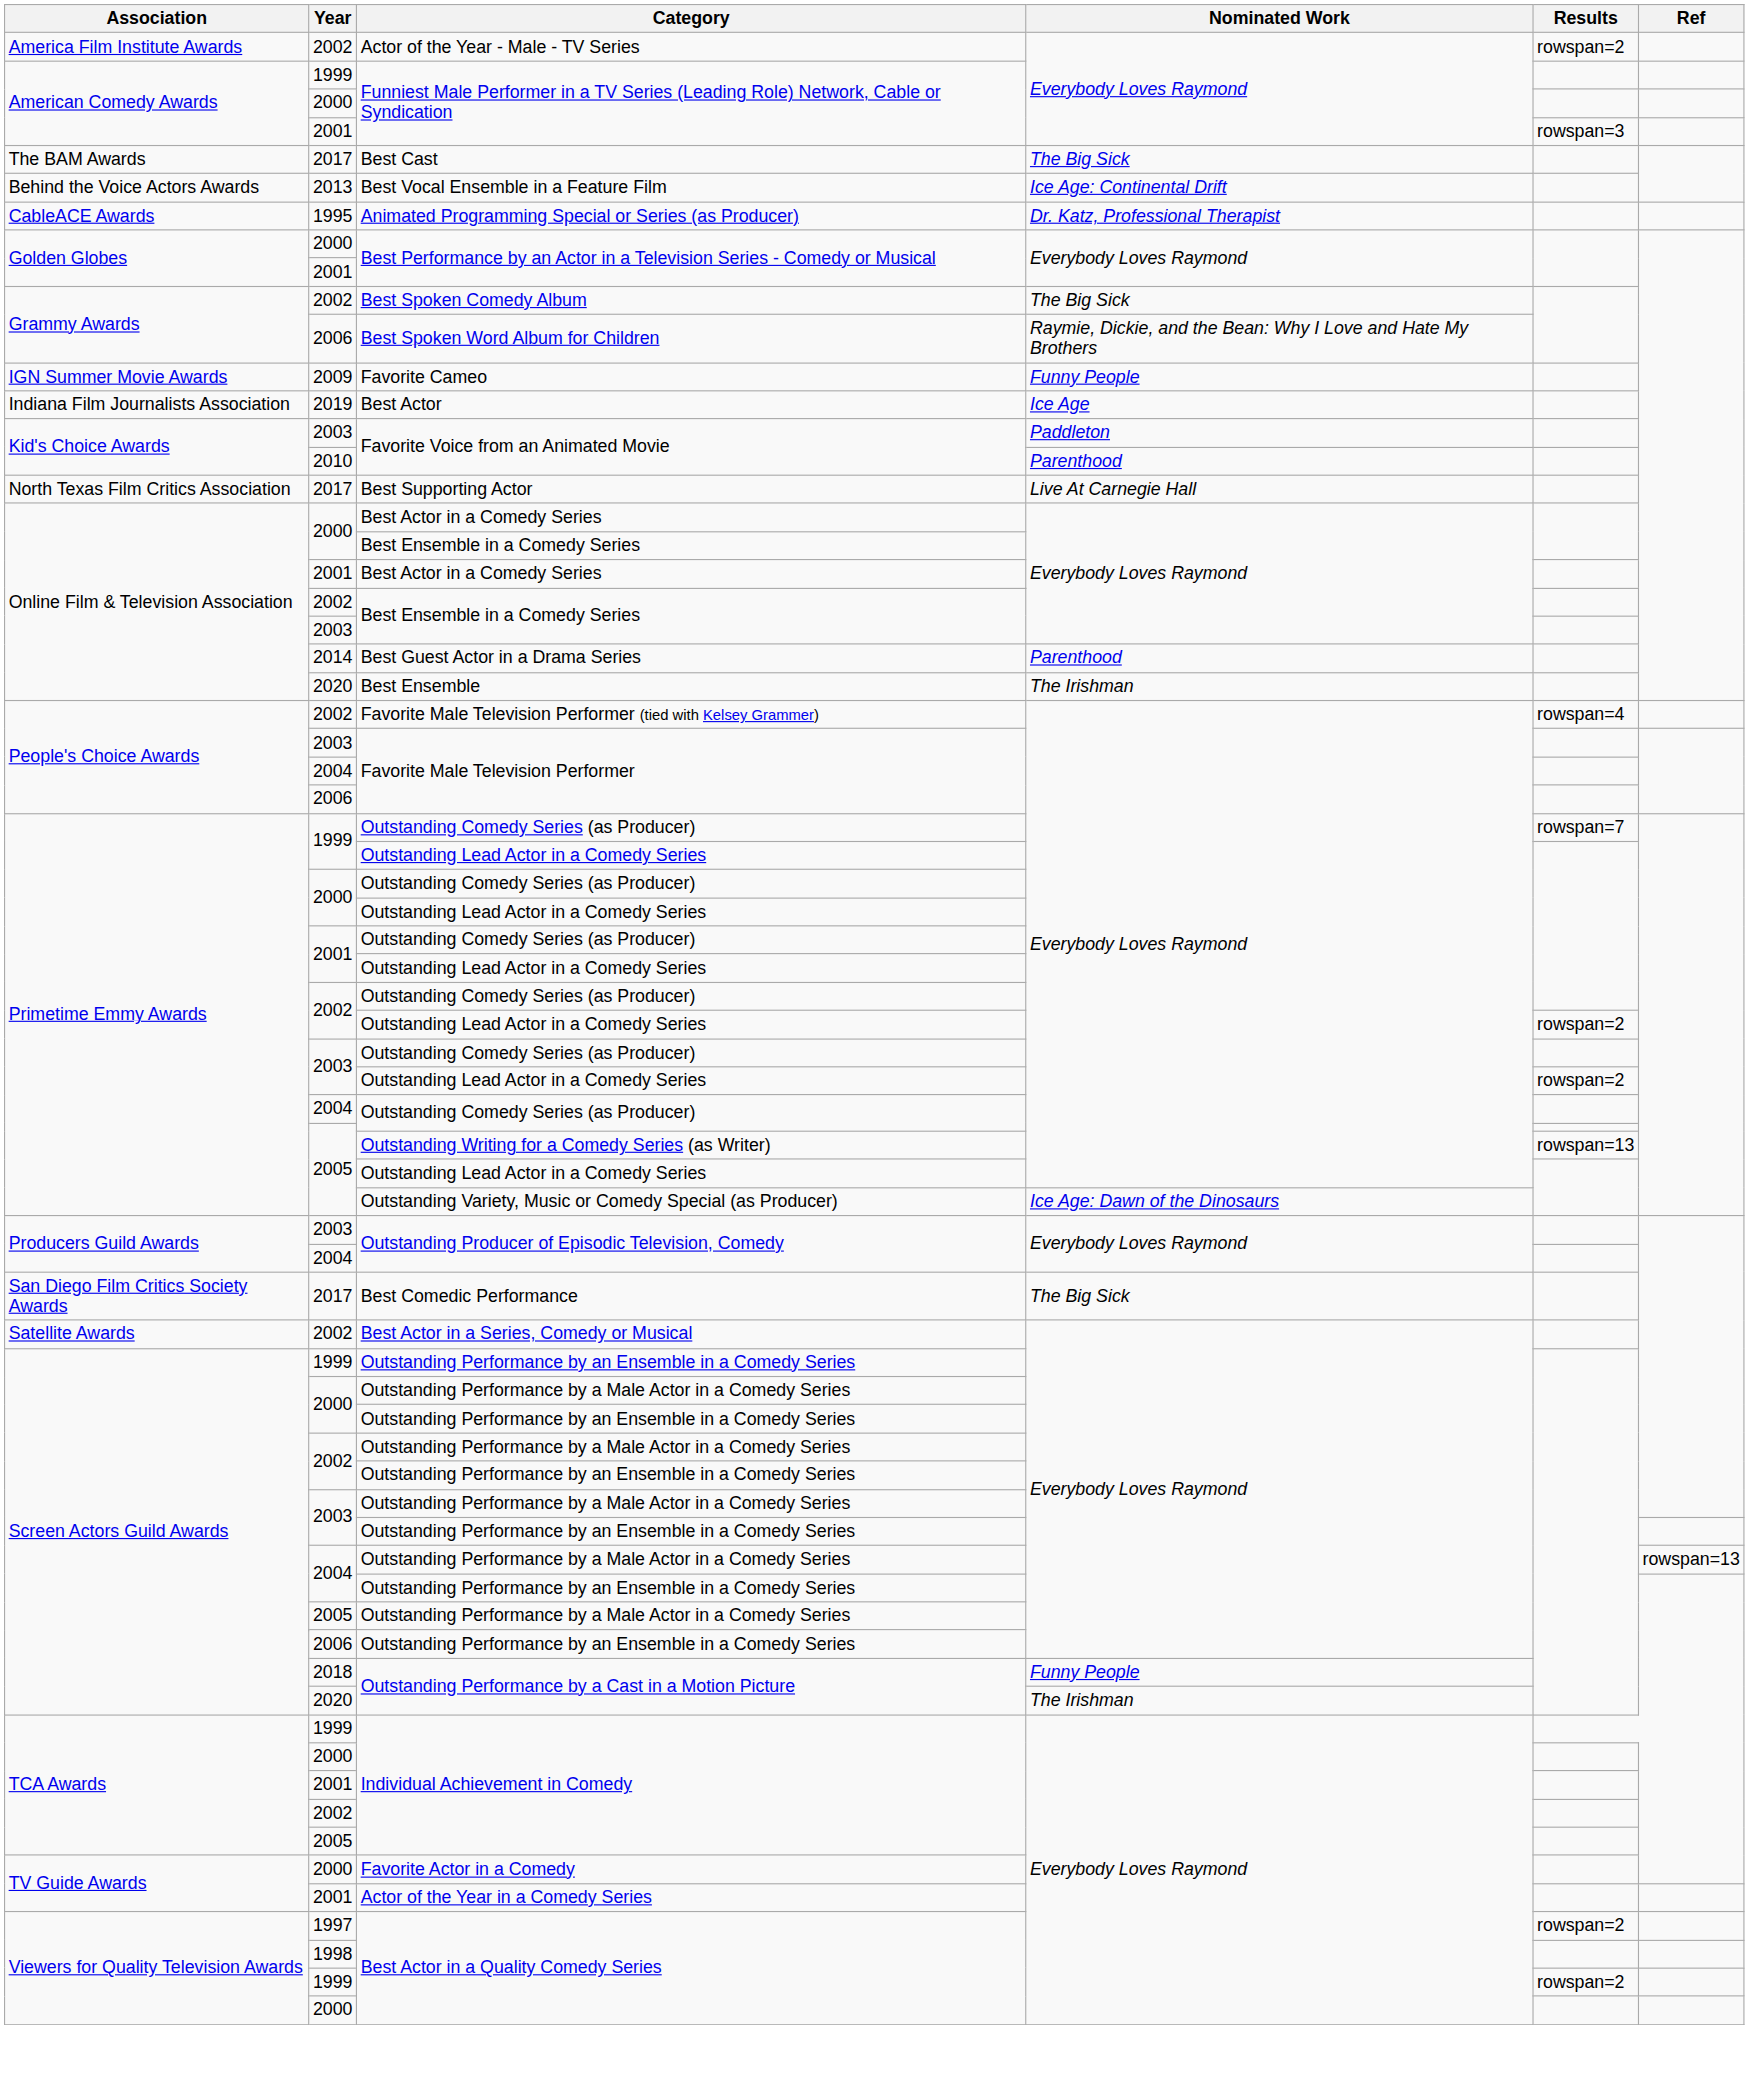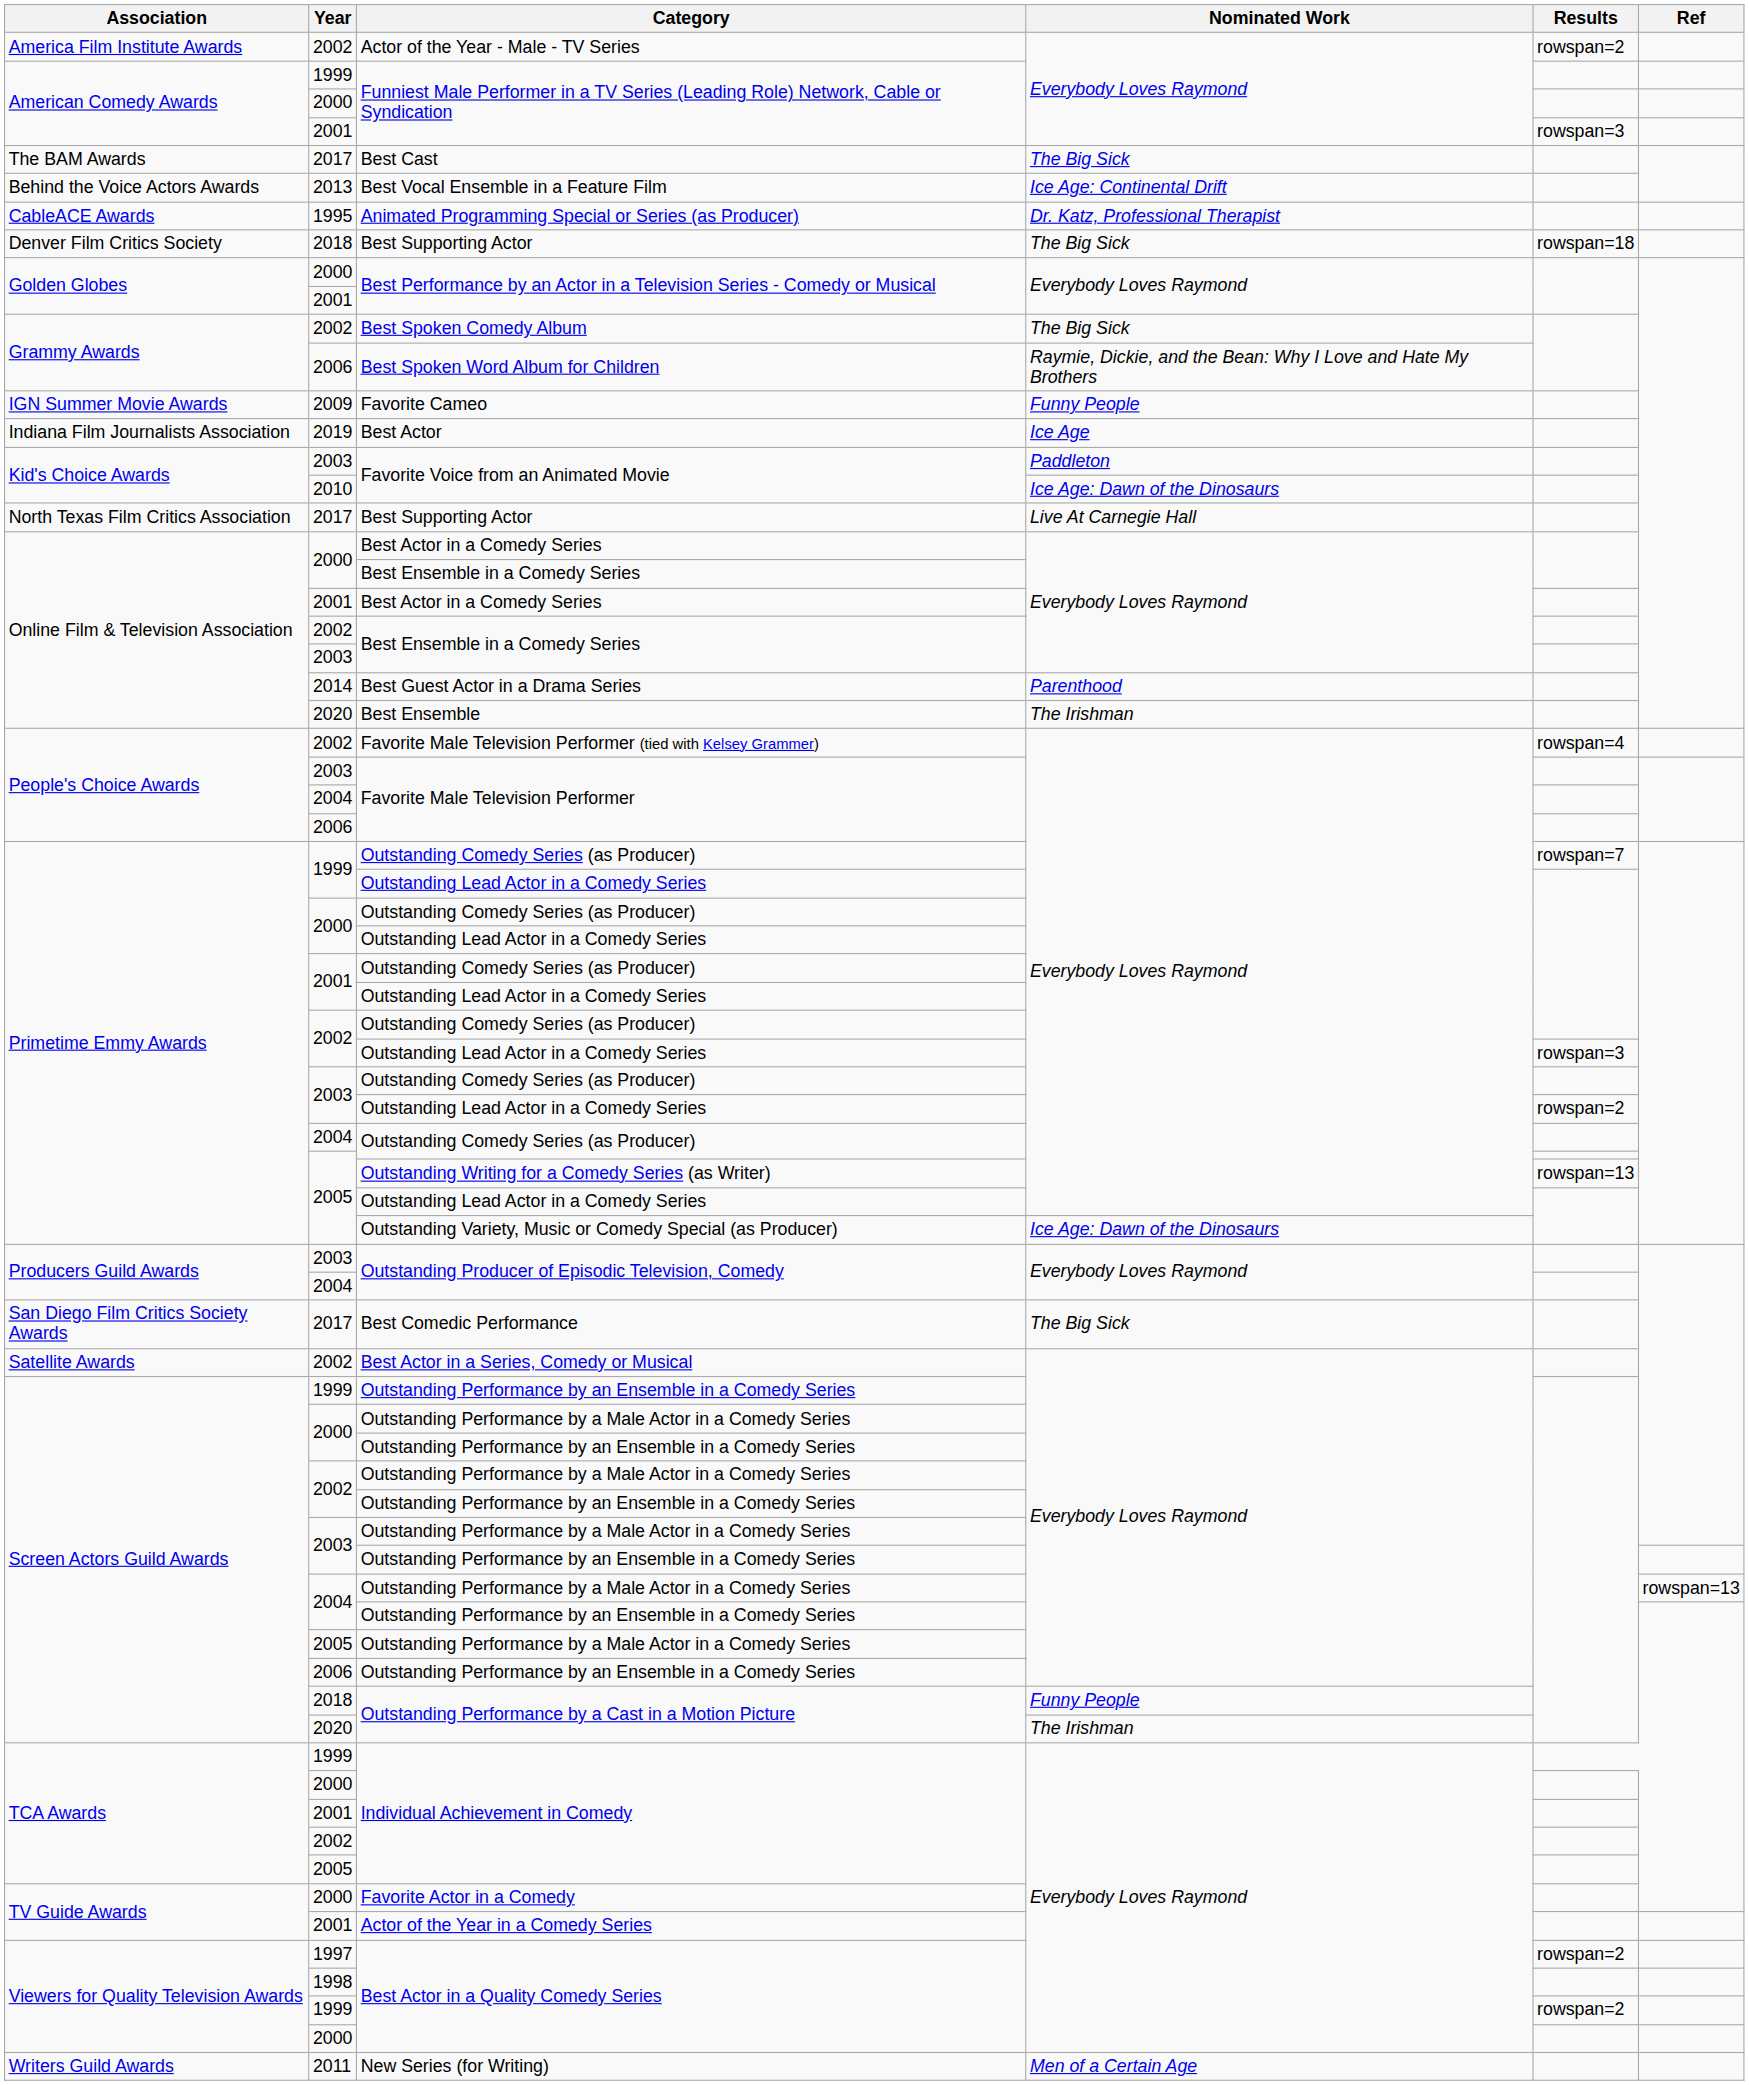 <table class="wikitable">
 <tr>
 <th>Association</th>
 <th>Year</th>
 <th>Category</th>
 <th>Nominated Work</th>
 <th>Results</th>
 <th>Ref</th>
 </tr>
 <tr>
 <td><a href='#'>America Film Institute Awards</a></td>
 <td>2002</td>
 <td>Actor of the Year - Male - TV Series</td>
 <td rowspan=4><em><a href='#'>Everybody Loves Raymond</a></em></td>
 <td>rowspan=2 </td>
 <td></td>
 </tr>
 <tr>
 <td rowspan=3><a href='#'>American Comedy Awards</a></td>
 <td>1999</td>
 <td rowspan=3><a href='#'>Funniest Male Performer in a TV Series (Leading Role) Network, Cable or Syndication</a></td>
 <td></td>
 </tr>
 <tr>
 <td>2000</td>
 <td></td>
 <td></td>
 </tr>
 <tr>
 <td>2001</td>
 <td>rowspan=3 </td>
 <td></td>
 </tr>
 <tr>
 <td>The BAM Awards</td>
 <td>2017</td>
 <td>Best Cast</td>
 <td><em><a href='#'>The Big Sick</a></em></td>
 <td></td>
 </tr>
 <tr>
 <td>Behind the Voice Actors Awards</td>
 <td>2013</td>
 <td>Best Vocal Ensemble in a Feature Film</td>
 <td><em><a href='#'>Ice Age: Continental Drift</a></em></td>
 <td></td>
 </tr>
 <tr>
 <td><a href='#'>CableACE Awards</a></td>
 <td>1995</td>
 <td><a href='#'>Animated Programming Special or Series (as Producer)</a></td>
 <td><em><a href='#'>Dr. Katz, Professional Therapist</a></em></td>
 <td></td>
 <td></td>
 </tr>
 <tr>
+<td>Denver Film Critics Society</td>
+<td>2018</td>
+<td>Best Supporting Actor</td>
+<td><em>The Big Sick</em></td>
+<td>rowspan=18 </td>
+<td></td>
+</tr>
+<tr>
 <td rowspan=2><a href='#'>Golden Globes</a></td>
 <td>2000</td>
 <td rowspan=2><a href='#'>Best Performance by an Actor in a Television Series - Comedy or Musical</a></td>
 <td rowspan=2><em>Everybody Loves Raymond</em></td>
 <td rowspan=2></td>
 </tr>
 <tr>
 <td>2001</td>
 </tr>
 <tr>
 <td rowspan=2><a href='#'>Grammy Awards</a></td>
 <td>2002</td>
 <td><a href='#'>Best Spoken Comedy Album</a></td>
 <td><em>The Big Sick</em></td>
 <td rowspan=2></td>
 </tr>
 <tr>
 <td>2006</td>
 <td><a href='#'>Best Spoken Word Album for Children</a></td>
 <td><em>Raymie, Dickie, and the Bean: Why I Love and Hate My Brothers</em></td>
 </tr>
 <tr>
 <td><a href='#'>IGN Summer Movie Awards</a></td>
 <td>2009</td>
 <td>Favorite Cameo</td>
 <td><em><a href='#'>Funny People</a></em></td>
 <td></td>
 </tr>
 <tr>
 <td>Indiana Film Journalists Association</td>
 <td>2019</td>
 <td>Best Actor</td>
 <td><em><a href='#'>Ice Age</a></em></td>
 <td></td>
 </tr>
 <tr>
 <td rowspan=2><a href='#'>Kid's Choice Awards</a></td>
 <td>2003</td>
 <td rowspan=2>Favorite Voice from an Animated Movie</td>
 <td><em><a href='#'>Paddleton</a></em></td>
 <td></td>
 </tr>
 <tr>
 <td>2010</td>
-<td><em><a href='#'>Parenthood</a></em></td>
+<td><em><a href='#'>Ice Age: Dawn of the Dinosaurs</a></em></td>
 <td></td>
 </tr>
 <tr>
 <td>North Texas Film Critics Association</td>
 <td>2017</td>
 <td>Best Supporting Actor</td>
 <td><em>Live At Carnegie Hall</em></td>
 <td></td>
 </tr>
 <tr>
 <td rowspan=8>Online Film & Television Association</td>
 <td rowspan=2>2000</td>
 <td>Best Actor in a Comedy Series</td>
 <td rowspan=6><em>Everybody Loves Raymond</em></td>
 <td rowspan=2></td>
 </tr>
 <tr>
 <td>Best Ensemble in a Comedy Series</td>
 </tr>
 <tr>
 <td rowspan=2>2001</td>
 <td>Best Actor in a Comedy Series</td>
 <td rowspan=2></td>
 </tr>
 <tr>
 <td rowspan=3>Best Ensemble in a Comedy Series</td>
 </tr>
 <tr>
 <td>2002</td>
 <td></td>
 </tr>
 <tr>
 <td>2003</td>
 <td></td>
 </tr>
 <tr>
 <td>2014</td>
 <td>Best Guest Actor in a Drama Series</td>
 <td><em><a href='#'>Parenthood</a></em></td>
 <td></td>
 </tr>
 <tr>
 <td>2020</td>
 <td>Best Ensemble</td>
 <td><em>The Irishman</em></td>
 <td></td>
 </tr>
 <tr>
 <td rowspan=4><a href='#'>People's Choice Awards</a></td>
 <td>2002</td>
 <td>Favorite Male Television Performer <small>(tied with <a href='#'>Kelsey Grammer</a>)</small></td>
 <td rowspan=18><em>Everybody Loves Raymond</em></td>
 <td>rowspan=4 </td>
 <td></td>
 </tr>
 <tr>
 <td>2003</td>
 <td rowspan=3>Favorite Male Television Performer</td>
 <td></td>
 </tr>
 <tr>
 <td>2004</td>
 <td></td>
 </tr>
 <tr>
 <td>2006</td>
 <td></td>
 </tr>
 <tr>
 <td rowspan=15><a href='#'>Primetime Emmy Awards</a></td>
 <td rowspan=2>1999</td>
 <td><a href='#'>Outstanding Comedy Series</a> (as Producer)</td>
 <td>rowspan=7 </td>
 <td rowspan=15></td>
 </tr>
 <tr>
 <td><a href='#'>Outstanding Lead Actor in a Comedy Series</a></td>
 </tr>
 <tr>
 <td rowspan=2>2000</td>
 <td>Outstanding Comedy Series (as Producer)</td>
 </tr>
 <tr>
 <td>Outstanding Lead Actor in a Comedy Series</td>
 </tr>
 <tr>
 <td rowspan=2>2001</td>
 <td>Outstanding Comedy Series (as Producer)</td>
 </tr>
 <tr>
 <td>Outstanding Lead Actor in a Comedy Series</td>
 </tr>
 <tr>
 <td rowspan=2>2002</td>
 <td>Outstanding Comedy Series (as Producer)</td>
 </tr>
 <tr>
 <td>Outstanding Lead Actor in a Comedy Series</td>
-<td>rowspan=2 </td>
+<td>rowspan=3 </td>
 </tr>
 <tr>
 <td rowspan=2>2003</td>
 <td>Outstanding Comedy Series (as Producer)</td>
 </tr>
 <tr>
 <td>Outstanding Lead Actor in a Comedy Series</td>
 <td>rowspan=2 </td>
 </tr>
 <tr>
 <td>2004</td>
 <td rowspan=2>Outstanding Comedy Series (as Producer)</td>
 </tr>
 <tr>
 <td rowspan=4>2005</td>
 <td></td>
 </tr>
 <tr>
 <td><a href='#'>Outstanding Writing for a Comedy Series</a> (as Writer)</td>
 <td>rowspan=13 </td>
 </tr>
 <tr>
 <td>Outstanding Lead Actor in a Comedy Series</td>
 </tr>
 <tr>
 <td>Outstanding Variety, Music or Comedy Special (as Producer)</td>
 <td><em><a href='#'>Ice Age: Dawn of the Dinosaurs</a></em></td>
 </tr>
 <tr>
 <td rowspan=2><a href='#'>Producers Guild Awards</a></td>
 <td>2003</td>
 <td rowspan=2><a href='#'>Outstanding Producer of Episodic Television, Comedy</a></td>
 <td rowspan=2><em>Everybody Loves Raymond</em></td>
 <td></td>
 </tr>
 <tr>
 <td>2004</td>
 <td></td>
 </tr>
 <tr>
 <td><a href='#'>San Diego Film Critics Society Awards</a></td>
 <td>2017</td>
 <td>Best Comedic Performance</td>
 <td><em>The Big Sick</em></td>
 <td></td>
 </tr>
 <tr>
 <td><a href='#'>Satellite Awards</a></td>
 <td>2002</td>
 <td><a href='#'>Best Actor in a Series, Comedy or Musical</a></td>
 <td rowspan=13><em>Everybody Loves Raymond</em></td>
 <td></td>
 </tr>
 <tr>
 <td rowspan=14><a href='#'>Screen Actors Guild Awards</a></td>
 <td>1999</td>
 <td><a href='#'>Outstanding Performance by an Ensemble in a Comedy Series</a></td>
 <td rowspan=14></td>
 </tr>
 <tr>
 <td rowspan=2>2000</td>
 <td>Outstanding Performance by a Male Actor in a Comedy Series</td>
 </tr>
 <tr>
 <td>Outstanding Performance by an Ensemble in a Comedy Series</td>
 </tr>
 <tr>
 <td rowspan=2>2002</td>
 <td>Outstanding Performance by a Male Actor in a Comedy Series</td>
 </tr>
 <tr>
 <td>Outstanding Performance by an Ensemble in a Comedy Series</td>
 </tr>
 <tr>
 <td rowspan=2>2003</td>
 <td>Outstanding Performance by a Male Actor in a Comedy Series</td>
 </tr>
 <tr>
 <td>Outstanding Performance by an Ensemble in a Comedy Series</td>
 <td></td>
 </tr>
 <tr>
 <td rowspan=2>2004</td>
 <td>Outstanding Performance by a Male Actor in a Comedy Series</td>
 <td>rowspan=13 </td>
 </tr>
 <tr>
 <td>Outstanding Performance by an Ensemble in a Comedy Series</td>
 </tr>
 <tr>
 <td rowspan=2>2005</td>
 <td>Outstanding Performance by a Male Actor in a Comedy Series</td>
 </tr>
 <tr>
 <td rowspan=2>Outstanding Performance by an Ensemble in a Comedy Series</td>
 </tr>
 <tr>
 <td>2006</td>
 </tr>
 <tr>
 <td>2018</td>
 <td rowspan=2><a href='#'>Outstanding Performance by a Cast in a Motion Picture</a></td>
 <td><em><a href='#'>Funny People</a></em></td>
 </tr>
 <tr>
 <td>2020</td>
 <td><em>The Irishman</em></td>
 </tr>
 <tr>
 <td rowspan=5><a href='#'>TCA Awards</a></td>
 <td>1999</td>
 <td rowspan=5><a href='#'>Individual Achievement in Comedy</a></td>
 <td rowspan=11><em>Everybody Loves Raymond</em></td>
 </tr>
 <tr>
 <td>2000</td>
 <td></td>
 </tr>
 <tr>
 <td>2001</td>
 <td></td>
 </tr>
 <tr>
 <td>2002</td>
 <td></td>
 </tr>
 <tr>
 <td>2005</td>
 <td></td>
 </tr>
 <tr>
 <td rowspan=2><a href='#'>TV Guide Awards</a></td>
 <td>2000</td>
 <td><a href='#'>Favorite Actor in a Comedy</a></td>
 <td></td>
 </tr>
 <tr>
 <td>2001</td>
 <td><a href='#'>Actor of the Year in a Comedy Series</a></td>
 <td></td>
 <td></td>
 </tr>
 <tr>
 <td rowspan=4><a href='#'>Viewers for Quality Television Awards</a></td>
 <td>1997</td>
 <td rowspan=4><a href='#'>Best Actor in a Quality Comedy Series</a></td>
 <td>rowspan=2 </td>
 <td></td>
 </tr>
 <tr>
 <td>1998</td>
 <td></td>
 </tr>
 <tr>
 <td>1999</td>
 <td>rowspan=2 </td>
 <td></td>
 </tr>
 <tr>
 <td>2000</td>
 <td></td>
 </tr>
+<tr>
+<td><a href='#'>Writers Guild Awards</a></td>
+<td>2011</td>
+<td>New Series (for Writing)</td>
+<td><em><a href='#'>Men of a Certain Age</a></em></td>
+<td></td>
+<td></td>
+</tr>
 </table>
